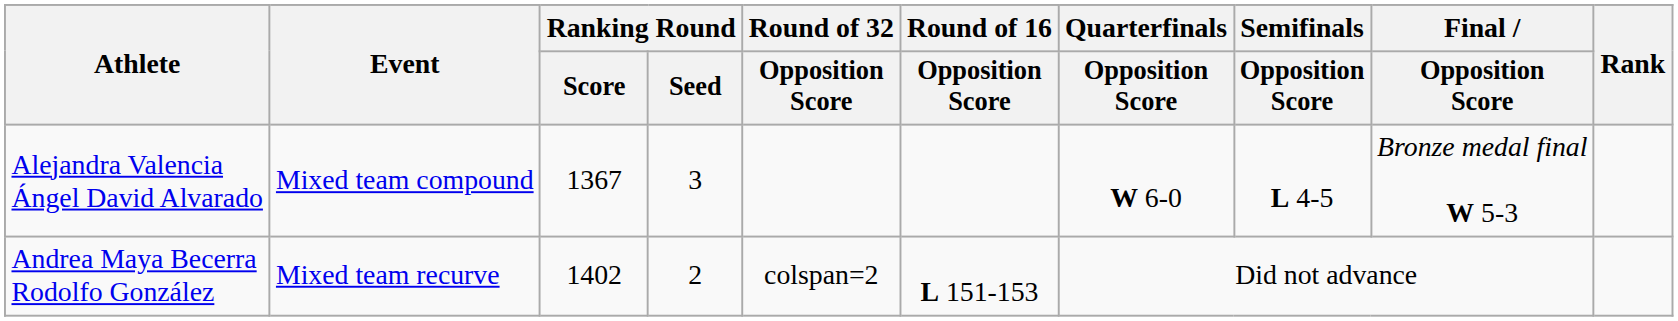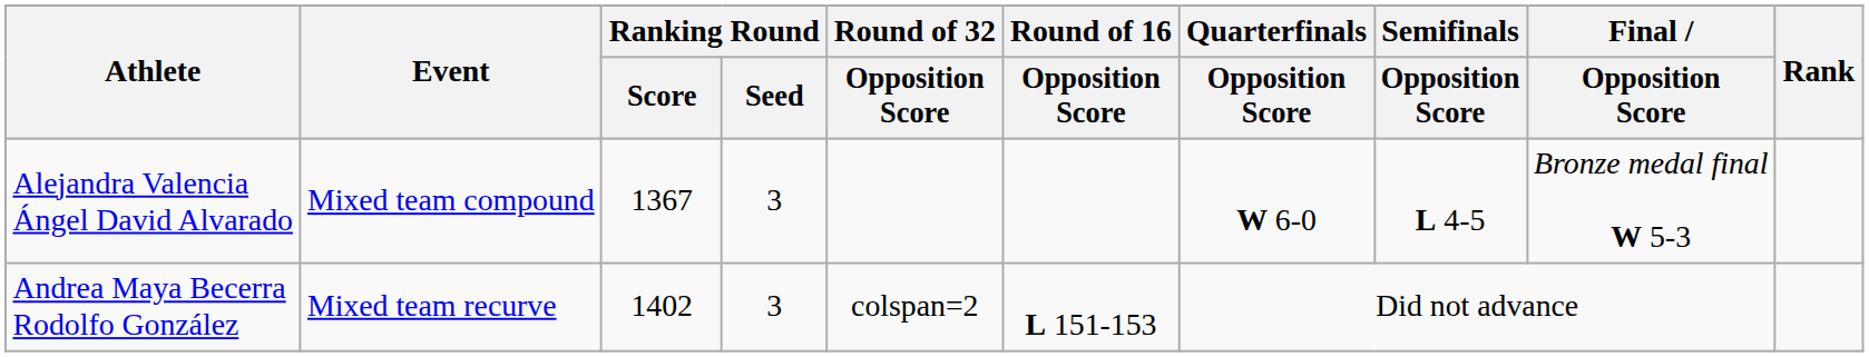 <table class="wikitable" style="font-size:90%">
 <tr>
 <th rowspan="2">Athlete</th>
 <th rowspan="2">Event</th>
 <th colspan="2">Ranking Round</th>
 <th>Round of 32</th>
 <th>Round of 16</th>
 <th>Quarterfinals</th>
 <th>Semifinals</th>
 <th>Final / </th>
 <th rowspan="2">Rank</th>
 </tr>
 <tr style="font-size:95%">
 <th>Score</th>
 <th>Seed</th>
 <th>Opposition<br>Score</th>
 <th>Opposition<br>Score</th>
 <th>Opposition<br>Score</th>
 <th>Opposition<br>Score</th>
 <th>Opposition<br>Score</th>
 </tr>
 <tr align=center>
 <td align=left><a href='#'>Alejandra Valencia</a><br><a href='#'>Ángel David Alvarado</a></td>
 <td align=left><a href='#'>Mixed team compound</a></td>
 <td>1367</td>
 <td>3</td>
 <td></td>
 <td></td>
 <td><br><strong>W</strong> 6-0</td>
 <td><br><strong>L</strong> 4-5</td>
 <td><em>Bronze medal final</em><br><br><strong>W</strong> 5-3</td>
 <td></td>
 </tr>
 <tr align=center>
 <td align=left><a href='#'>Andrea Maya Becerra</a><br><a href='#'>Rodolfo González</a></td>
 <td align=left><a href='#'>Mixed team recurve</a></td>
 <td>1402</td>
-<td>2</td>
+<td>3</td>
 <td>colspan=2 </td>
 <td><br><strong>L</strong> 151-153</td>
 <td colspan=3>Did not advance</td>
 </tr>
 </table>
